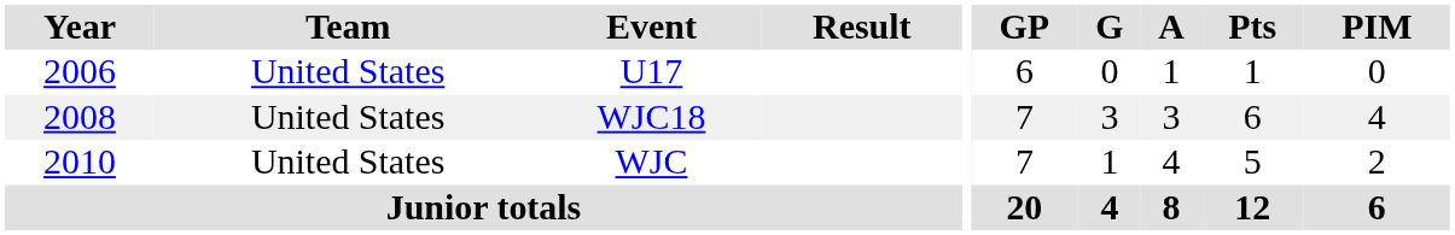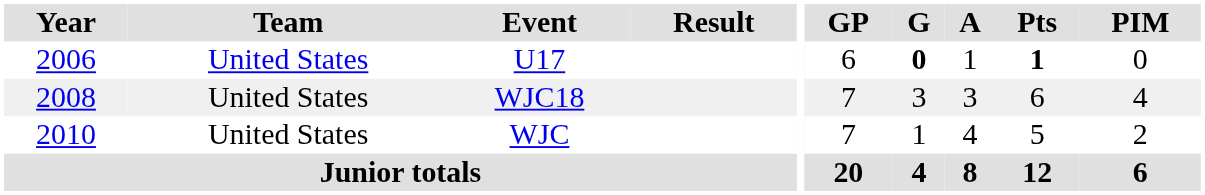 <table border="0" cellpadding="1" cellspacing="0" ID="Table3" style="text-align:center; width:40em">
 <tr ALIGN="center" bgcolor="#e0e0e0">
 <th>Year</th>
 <th>Team</th>
 <th>Event</th>
 <th>Result</th>
 <th rowspan="99" bgcolor="#ffffff"></th>
 <th>GP</th>
 <th>G</th>
 <th>A</th>
 <th>Pts</th>
 <th>PIM</th>
 </tr>
 <tr>
 <td><a href='#'>2006</a></td>
 <td><a href='#'>United States</a></td>
 <td><a href='#'>U17</a></td>
 <td></td>
 <td>6</td>
-<td>0</td>
+<td><strong>0</strong></td>
 <td>1</td>
-<td>1</td>
+<td><strong>1</strong></td>
 <td>0</td>
 </tr>
 <tr bgcolor="#f0f0f0">
 <td><a href='#'>2008</a></td>
 <td>United States</td>
 <td><a href='#'>WJC18</a></td>
 <td></td>
 <td>7</td>
 <td>3</td>
 <td>3</td>
 <td>6</td>
 <td>4</td>
 </tr>
 <tr>
 <td><a href='#'>2010</a></td>
 <td>United States</td>
 <td><a href='#'>WJC</a></td>
 <td></td>
 <td>7</td>
 <td>1</td>
 <td>4</td>
 <td>5</td>
 <td>2</td>
 </tr>
 <tr bgcolor="#e0e0e0">
 <th colspan="4">Junior totals</th>
 <th>20</th>
 <th>4</th>
 <th>8</th>
 <th>12</th>
 <th>6</th>
 </tr>
 </table>
